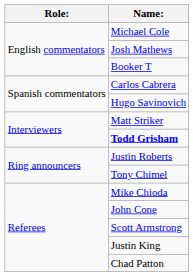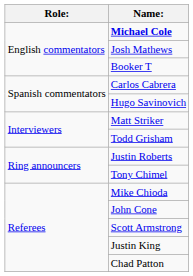 <table class=wikitable style="font-size:90%; margin: 0.5em 0 0.5em 1em; float: right; clear: right;">
 <tr>
 <th>Role:</th>
 <th>Name:</th>
 </tr>
 <tr>
 <td rowspan=3>English <a href='#'>commentators</a></td>
-<td><a href='#'>Michael Cole</a></td>
+<td><strong><a href='#'>Michael Cole</a></strong></td>
 </tr>
 <tr>
 <td><a href='#'>Josh Mathews</a></td>
 </tr>
 <tr>
 <td><a href='#'>Booker T</a></td>
 </tr>
 <tr>
 <td rowspan=2>Spanish commentators</td>
 <td><a href='#'>Carlos Cabrera</a></td>
 </tr>
 <tr>
 <td><a href='#'>Hugo Savinovich</a></td>
 </tr>
 <tr>
 <td rowspan=2><a href='#'>Interviewers</a></td>
 <td><a href='#'>Matt Striker</a></td>
 </tr>
 <tr>
-<td><strong><a href='#'>Todd Grisham</a></strong></td>
+<td><a href='#'>Todd Grisham</a></td>
 </tr>
 <tr>
 <td rowspan=2><a href='#'>Ring announcers</a></td>
 <td><a href='#'>Justin Roberts</a></td>
 </tr>
 <tr>
 <td><a href='#'>Tony Chimel</a></td>
 </tr>
 <tr>
 <td rowspan=5><a href='#'>Referees</a></td>
 <td><a href='#'>Mike Chioda</a></td>
 </tr>
 <tr>
 <td><a href='#'>John Cone</a></td>
 </tr>
 <tr>
 <td><a href='#'>Scott Armstrong</a></td>
 </tr>
 <tr>
 <td>Justin King</td>
 </tr>
 <tr>
 <td>Chad Patton</td>
 </tr>
 </table>
